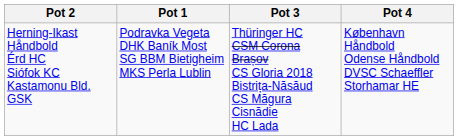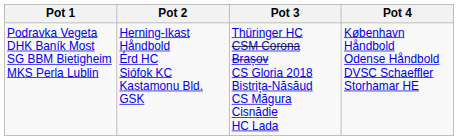 <table class="wikitable">
 <tr>
+<th style="width:25%;">Pot 1</th>
 <th style="width:25%;">Pot 2</th>
-<th style="width:25%;">Pot 1</th>
 <th style="width:25%;">Pot 3</th>
 <th style="width:25%;">Pot 4</th>
 </tr>
 <tr>
+<td valign="top"> <a href='#'>Podravka Vegeta</a><br> <a href='#'>DHK Baník Most</a><br> <a href='#'>SG BBM Bietigheim</a><br> <a href='#'>MKS Perla Lublin</a></td>
 <td valign="top"> <a href='#'>Herning-Ikast Håndbold</a><br> <a href='#'>Érd HC</a><br> <a href='#'>Siófok KC</a><br> <a href='#'>Kastamonu Bld. GSK</a></td>
-<td valign="top"> <a href='#'>Podravka Vegeta</a><br> <a href='#'>DHK Baník Most</a><br> <a href='#'>SG BBM Bietigheim</a><br> <a href='#'>MKS Perla Lublin</a></td>
 <td valign="top"> <a href='#'>Thüringer HC</a><br><s> <a href='#'>CSM Corona Brașov</a></s><br> <a href='#'>CS Gloria 2018 Bistrița-Năsăud</a><br> <a href='#'>CS Măgura Cisnădie</a><br> <a href='#'>HC Lada</a></td>
 <td valign="top"> <a href='#'>København Håndbold</a><br> <a href='#'>Odense Håndbold</a><br> <a href='#'>DVSC Schaeffler</a><br> <a href='#'>Storhamar HE</a></td>
 </tr>
 </table>
